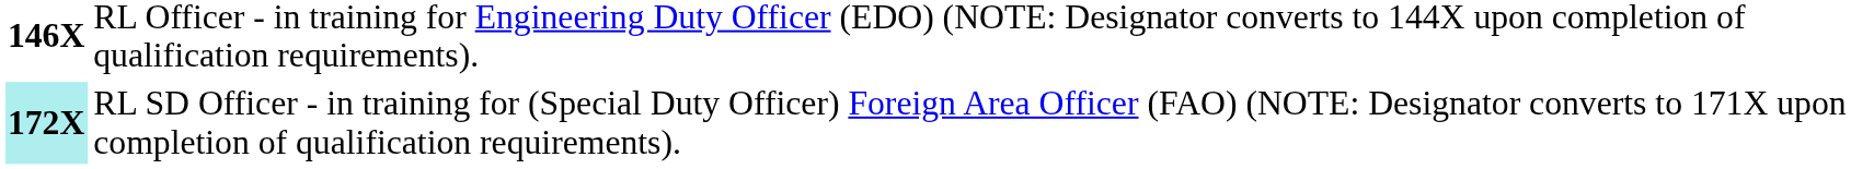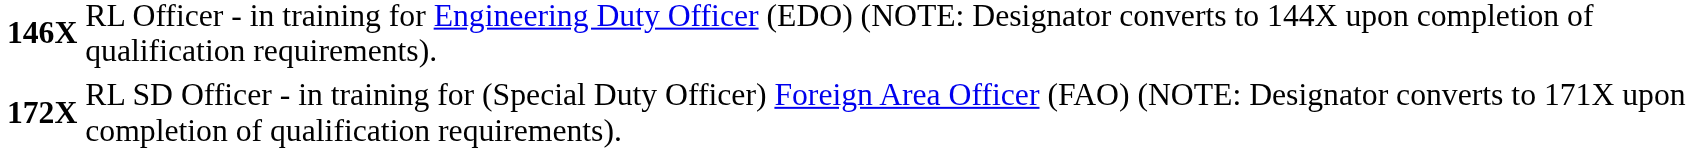 <table>
 <tr>
 <td><strong>146X</strong></td>
 <td>RL Officer - in training for <a href='#'>Engineering Duty Officer</a> (EDO) (NOTE: Designator converts to 144X upon completion of qualification requirements).</td>
 </tr>
 <tr>
-<td style="background: paleturquoise;"><strong>172X</strong></td>
+<td><strong>172X</strong></td>
 <td>RL SD Officer - in training for (Special Duty Officer) <a href='#'>Foreign Area Officer</a> (FAO) (NOTE: Designator converts to 171X upon completion of qualification requirements).</td>
 </tr>
 </table>
